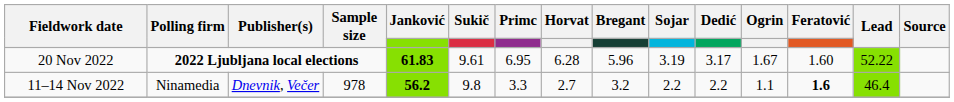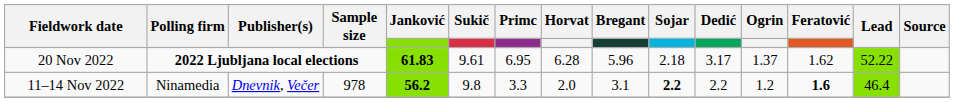 <table class="wikitable sortable" style="text-align:center;font-size:80%;line-height:16px">
 <tr>
 <th rowspan="2" style="width:120px;">Fieldwork date</th>
 <th rowspan="2">Polling firm</th>
 <th rowspan="2">Publisher(s)</th>
 <th rowspan="2" style="width:50px;" class="unsortable">Sample size</th>
 <th style="width:35px;" class="unsortable">Janković</th>
 <th style="width:35px;" class="unsortable">Sukič</th>
 <th style="width:35px;" class="unsortable">Primc</th>
 <th style="width:35px;" class="unsortable">Horvat</th>
 <th style="width:35px;" class="unsortable">Bregant</th>
 <th style="width:35px;" class="unsortable">Sojar</th>
 <th style="width:35px;" class="unsortable">Dedić</th>
 <th style="width:35px;" class="unsortable">Ogrin</th>
 <th style="width:35px;" class="unsortable">Feratović</th>
 <th rowspan="2" style="width:35px;" class="unsortable">Lead</th>
 <th rowspan="2" class="unsortable">Source</th>
 </tr>
 <tr>
 <th class="unsortable" style="background:#87e002"></th>
 <th class="unsortable" style="background:#DB2D43"></th>
 <th class="unsortable" style="background:#902b8e"></th>
 <th class="unsortable" style="background:"></th>
 <th class="unsortable" style="background:#153f35"></th>
 <th class="unsortable" style="background:#00b5dd"></th>
 <th class="unsortable" style="background:#00a65e"></th>
 <th class="unsortable" style="background:"></th>
 <th class="unsortable" style="background:#E25822"></th>
 </tr>
 <tr>
 <td data-sort-value="2024-06-09">20 Nov 2022</td>
 <td colspan="3"><strong>2022 Ljubljana local elections</strong></td>
 <td style="background:#87e002"><strong>61.83</strong></td>
 <td>9.61</td>
 <td>6.95</td>
 <td>6.28</td>
 <td>5.96</td>
-<td>3.19</td>
+<td>2.18</td>
 <td>3.17</td>
-<td>1.67</td>
-<td>1.60</td>
+<td>1.37</td>
+<td>1.62</td>
 <td style="background:#87e002">52.22</td>
 <td></td>
 </tr>
 <tr>
 <td data-sort-value="2024-07-04">11–14 Nov 2022</td>
 <td>Ninamedia</td>
 <td><a href='#'><em>Dnevnik</em></a>, <a href='#'><em>Večer</em></a></td>
 <td>978</td>
 <td style="background:#87e002"><strong>56.2</strong></td>
 <td>9.8</td>
 <td>3.3</td>
-<td>2.7</td>
-<td>3.2</td>
+<td>2.0</td>
+<td>3.1</td>
+<td><strong>2.2</strong></td>
 <td>2.2</td>
-<td>2.2</td>
-<td>1.1</td>
+<td>1.2</td>
 <td><strong>1.6</strong></td>
 <td style="background:#87e002">46.4</td>
 <td></td>
 </tr>
 <tr style="background:#87e002">
 </tr>
 </table>
